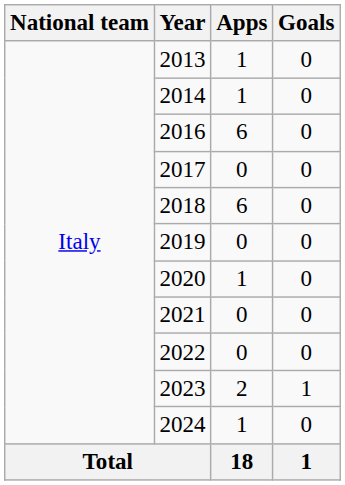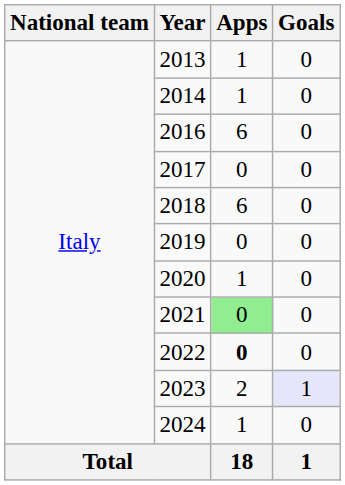 <table class="wikitable" style="text-align:center">
 <tr>
 <th>National team</th>
 <th>Year</th>
 <th>Apps</th>
 <th>Goals</th>
 </tr>
 <tr>
 <td rowspan="11"><a href='#'>Italy</a></td>
 <td>2013</td>
 <td>1</td>
 <td>0</td>
 </tr>
 <tr>
 <td>2014</td>
 <td>1</td>
 <td>0</td>
 </tr>
 <tr>
 <td>2016</td>
 <td>6</td>
 <td>0</td>
 </tr>
 <tr>
 <td>2017</td>
 <td>0</td>
 <td>0</td>
 </tr>
 <tr>
 <td>2018</td>
 <td>6</td>
 <td>0</td>
 </tr>
 <tr>
 <td>2019</td>
 <td>0</td>
 <td>0</td>
 </tr>
 <tr>
 <td>2020</td>
 <td>1</td>
 <td>0</td>
 </tr>
 <tr>
 <td>2021</td>
-<td>0</td>
+<td style="background: lightgreen;">0</td>
 <td>0</td>
 </tr>
 <tr>
 <td>2022</td>
-<td>0</td>
+<td><strong>0</strong></td>
 <td>0</td>
 </tr>
 <tr>
 <td>2023</td>
 <td>2</td>
-<td>1</td>
+<td style="background: lavender;">1</td>
 </tr>
 <tr>
 <td>2024</td>
 <td>1</td>
 <td>0</td>
 </tr>
 <tr>
 <th colspan="2">Total</th>
 <th>18</th>
 <th>1</th>
 </tr>
 </table>
